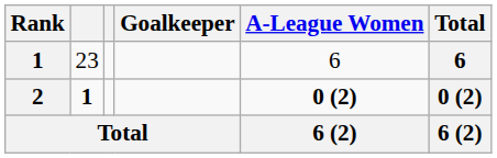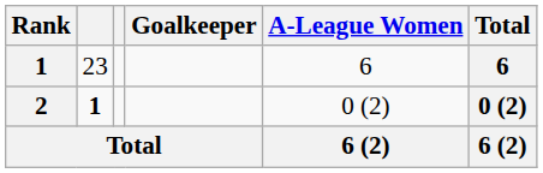 <table class="wikitable" style="text-align:center">
 <tr>
 <th>Rank</th>
 <th></th>
 <th></th>
 <th>Goalkeeper</th>
 <th><a href='#'>A-League Women</a></th>
 <th>Total</th>
 </tr>
 <tr>
 <th>1</th>
 <td>23</td>
 <td></td>
 <td align="left"></td>
 <td>6</td>
 <th>6</th>
 </tr>
 <tr>
 <th>2</th>
 <td><strong>1</strong></td>
 <td></td>
 <td align="left"></td>
-<td><strong>0 (2)</strong></td>
+<td>0 (2)</td>
 <th>0 (2)</th>
 </tr>
 <tr>
 <th colspan="4">Total</th>
 <th>6 (2)</th>
 <th>6 (2)</th>
 </tr>
 </table>
